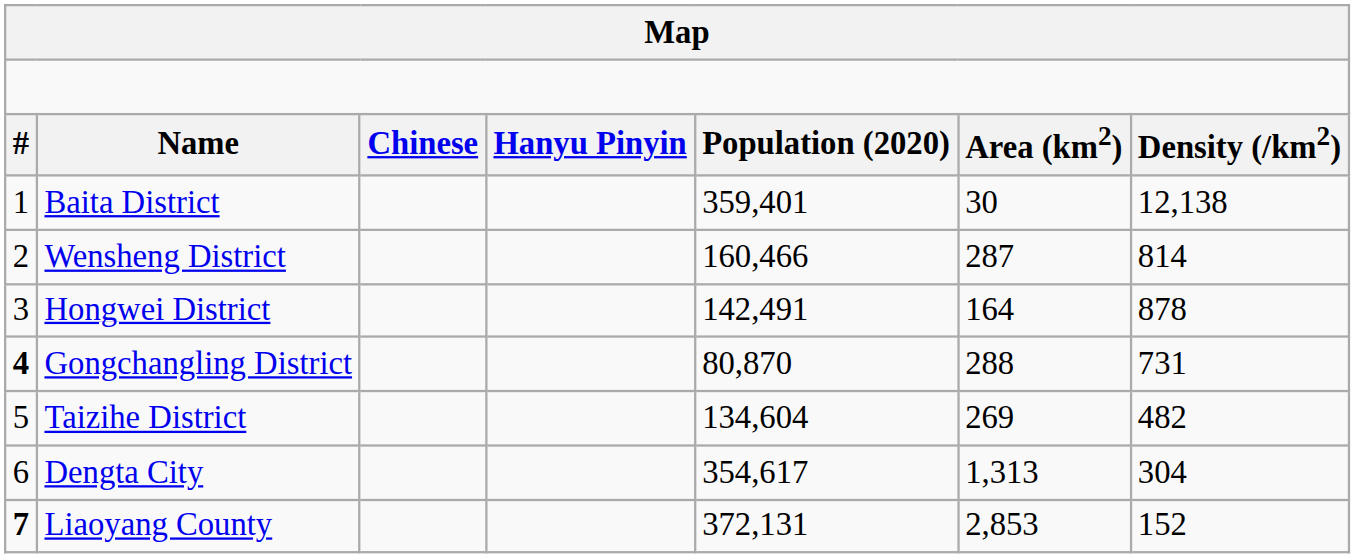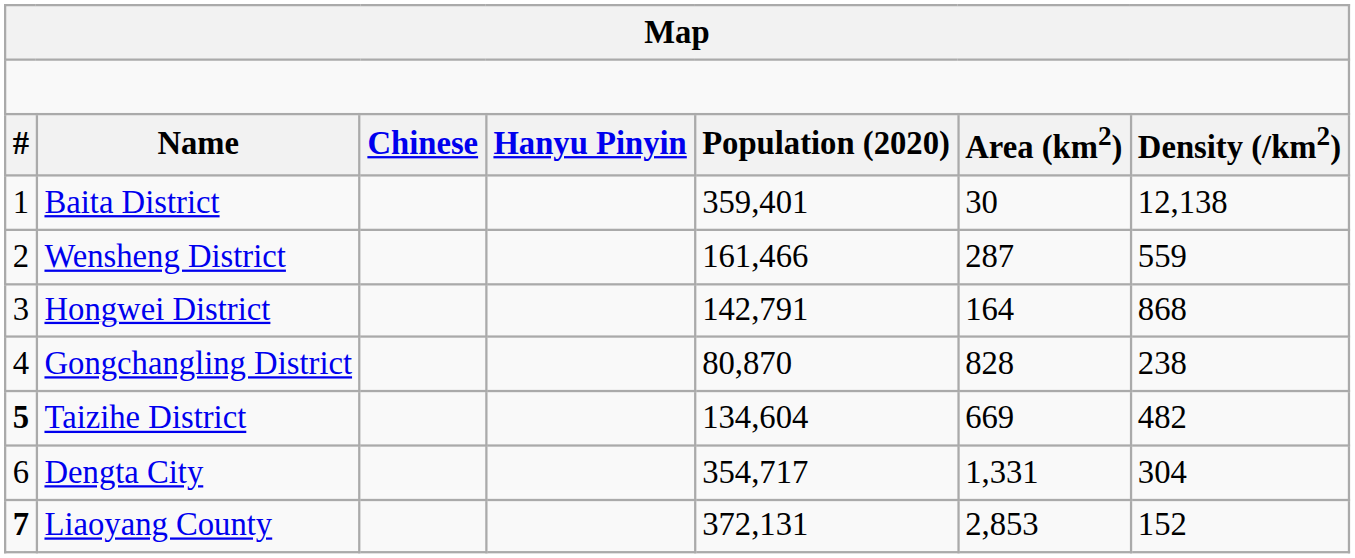 <table class="wikitable"  style="font-size:90%;" align=center>
 <tr>
 <th colspan="7" align="center">Map</th>
 </tr>
 <tr>
 <td colspan="7" align="center"><div><br>           </div></td>
 </tr>
 <tr>
 <th>#</th>
 <th>Name</th>
 <th><a href='#'>Chinese</a></th>
 <th><a href='#'>Hanyu Pinyin</a></th>
 <th>Population (2020)</th>
 <th>Area (km<sup>2</sup>)</th>
 <th>Density (/km<sup>2</sup>)</th>
 </tr>
 <tr --------->
 <td>1</td>
 <td><a href='#'>Baita District</a></td>
 <td></td>
 <td></td>
 <td>359,401</td>
 <td>30</td>
 <td>12,138</td>
 </tr>
 <tr --------->
 <td>2</td>
 <td><a href='#'>Wensheng District</a></td>
 <td></td>
 <td></td>
-<td>160,466</td>
+<td>161,466</td>
 <td>287</td>
-<td>814</td>
+<td>559</td>
 </tr>
 <tr --------->
 <td>3</td>
 <td><a href='#'>Hongwei District</a></td>
 <td></td>
 <td></td>
-<td>142,491</td>
+<td>142,791</td>
 <td>164</td>
-<td>878</td>
+<td>868</td>
 </tr>
 <tr --------->
-<td><strong>4</strong></td>
+<td>4</td>
 <td><a href='#'>Gongchangling District</a></td>
 <td></td>
 <td></td>
 <td>80,870</td>
-<td>288</td>
-<td>731</td>
+<td>828</td>
+<td>238</td>
 </tr>
 <tr --------->
-<td>5</td>
+<td><strong>5</strong></td>
 <td><a href='#'>Taizihe District</a></td>
 <td></td>
 <td></td>
 <td>134,604</td>
-<td>269</td>
+<td>669</td>
 <td>482</td>
 </tr>
 <tr --------->
 <td>6</td>
 <td><a href='#'>Dengta City</a></td>
 <td></td>
 <td></td>
-<td>354,617</td>
-<td>1,313</td>
+<td>354,717</td>
+<td>1,331</td>
 <td>304</td>
 </tr>
 <tr --------->
 <td><strong>7</strong></td>
 <td><a href='#'>Liaoyang County</a></td>
 <td></td>
 <td></td>
 <td>372,131</td>
 <td>2,853</td>
 <td>152</td>
 </tr>
 </table>
